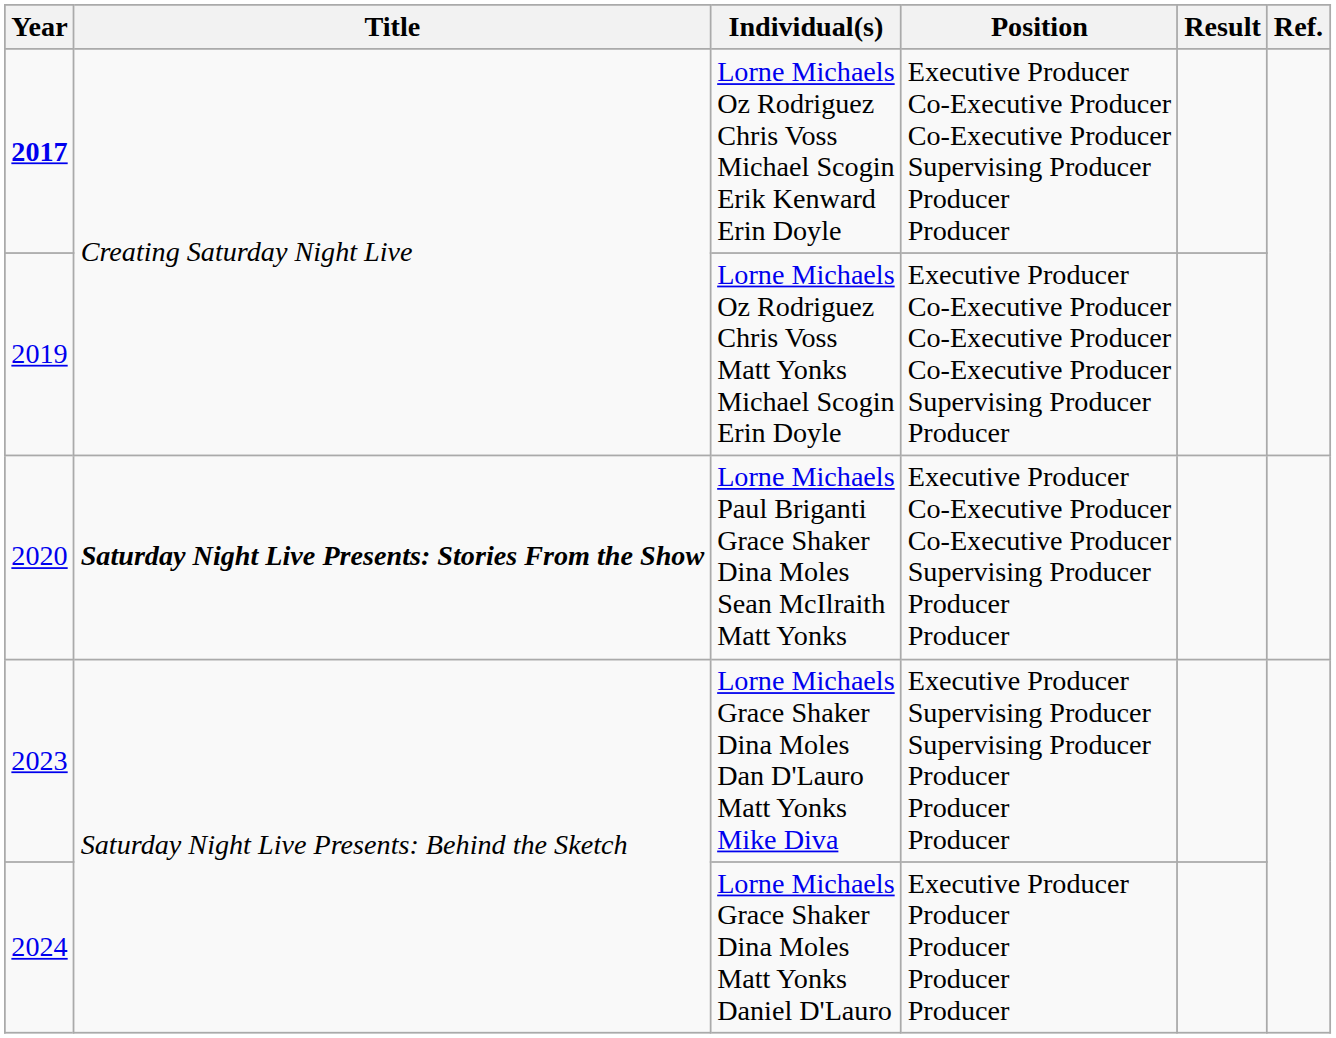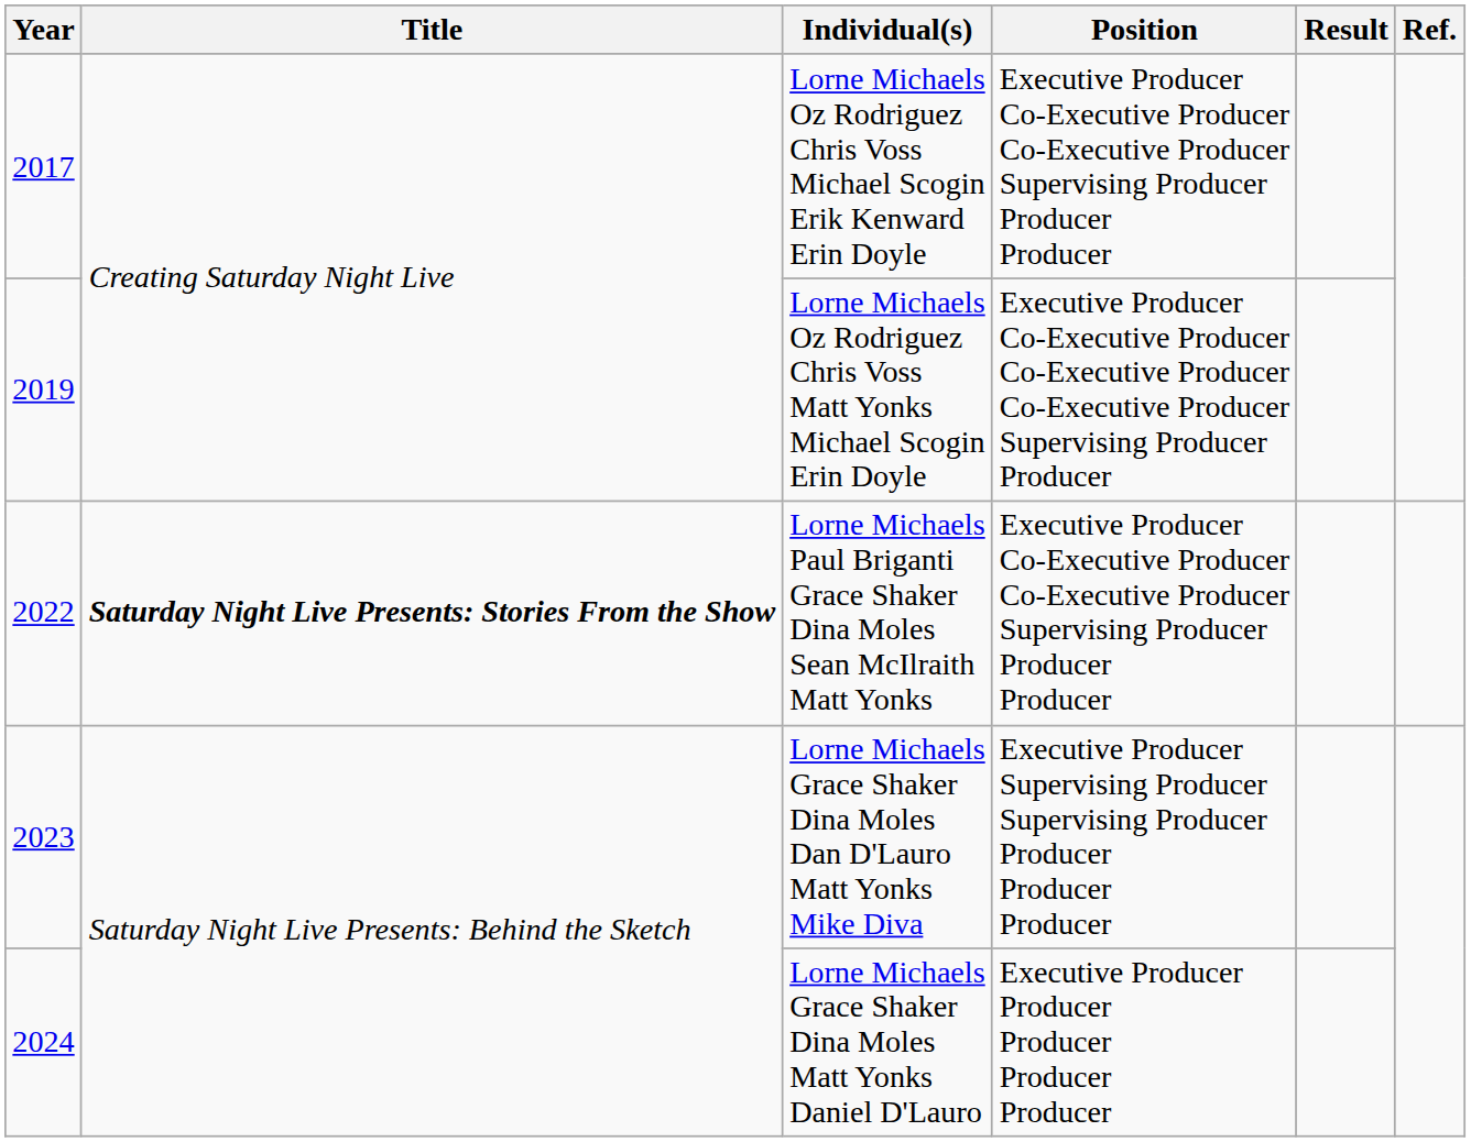 <table class="wikitable">
 <tr>
 <th>Year</th>
 <th>Title</th>
 <th>Individual(s)</th>
 <th>Position</th>
 <th>Result</th>
 <th>Ref.</th>
 </tr>
 <tr>
-<td><strong><a href='#'>2017</a></strong></td>
+<td><a href='#'>2017</a></td>
 <td rowspan="2"><em>Creating Saturday Night Live</em></td>
 <td><a href='#'>Lorne Michaels</a> <br> Oz Rodriguez <br> Chris Voss <br> Michael Scogin <br> Erik Kenward <br> Erin Doyle</td>
 <td>Executive Producer <br> Co-Executive Producer <br> Co-Executive Producer <br> Supervising Producer <br> Producer <br> Producer</td>
 <td></td>
 <td rowspan="2" align="center"></td>
 </tr>
 <tr>
 <td><a href='#'>2019</a></td>
 <td><a href='#'>Lorne Michaels</a> <br> Oz Rodriguez <br> Chris Voss <br> Matt Yonks <br> Michael Scogin <br> Erin Doyle</td>
 <td>Executive Producer <br> Co-Executive Producer <br> Co-Executive Producer <br> Co-Executive Producer <br> Supervising Producer <br> Producer</td>
 <td></td>
 </tr>
 <tr>
-<td><a href='#'>2020</a></td>
+<td><a href='#'>2022</a></td>
 <td><strong><em>Saturday Night Live Presents: Stories From the Show</em></strong></td>
 <td><a href='#'>Lorne Michaels</a> <br> Paul Briganti <br> Grace Shaker <br> Dina Moles <br> Sean McIlraith <br> Matt Yonks</td>
 <td>Executive Producer <br> Co-Executive Producer <br> Co-Executive Producer <br> Supervising Producer <br> Producer <br> Producer</td>
 <td></td>
 <td align="center"></td>
 </tr>
 <tr>
 <td><a href='#'>2023</a></td>
 <td rowspan="2"><em>Saturday Night Live Presents: Behind the Sketch</em></td>
 <td><a href='#'>Lorne Michaels</a> <br> Grace Shaker <br> Dina Moles <br> Dan D'Lauro <br> Matt Yonks <br> <a href='#'>Mike Diva</a></td>
 <td>Executive Producer <br> Supervising Producer <br> Supervising Producer <br> Producer <br> Producer <br> Producer</td>
 <td></td>
 <td rowspan="2" align="center"></td>
 </tr>
 <tr>
 <td><a href='#'>2024</a></td>
 <td><a href='#'>Lorne Michaels</a> <br> Grace Shaker <br> Dina Moles <br> Matt Yonks <br> Daniel D'Lauro</td>
 <td>Executive Producer <br> Producer <br> Producer <br> Producer <br> Producer</td>
 <td></td>
 </tr>
 </table>
